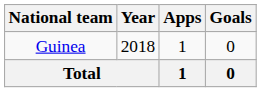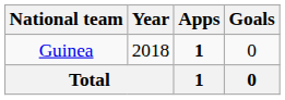 <table class="wikitable" style="text-align:center">
 <tr>
 <th>National team</th>
 <th>Year</th>
 <th>Apps</th>
 <th>Goals</th>
 </tr>
 <tr>
 <td rowspan="1"><a href='#'>Guinea</a></td>
 <td>2018</td>
-<td>1</td>
+<td><strong>1</strong></td>
 <td>0</td>
 </tr>
 <tr>
 <th colspan=2>Total</th>
 <th>1</th>
 <th>0</th>
 </tr>
 </table>
